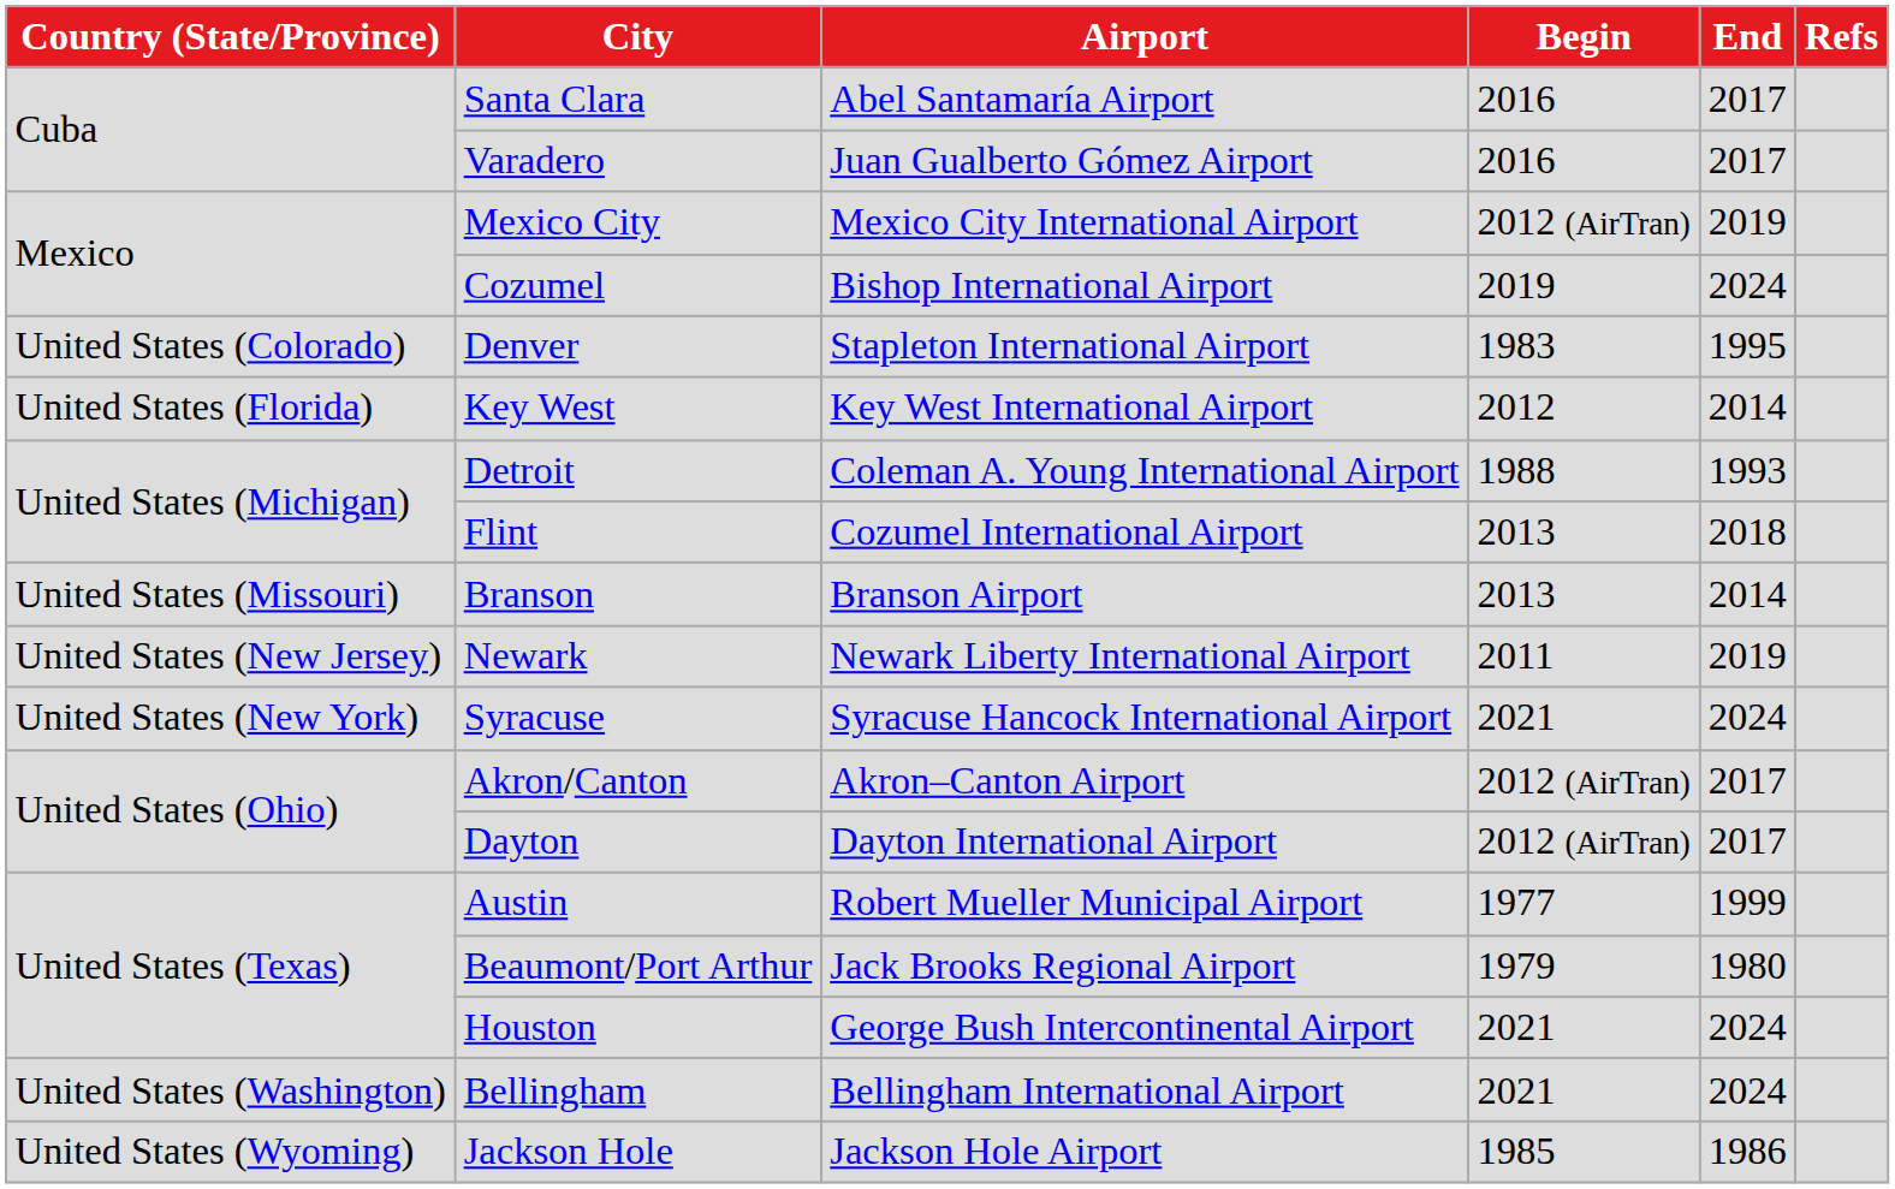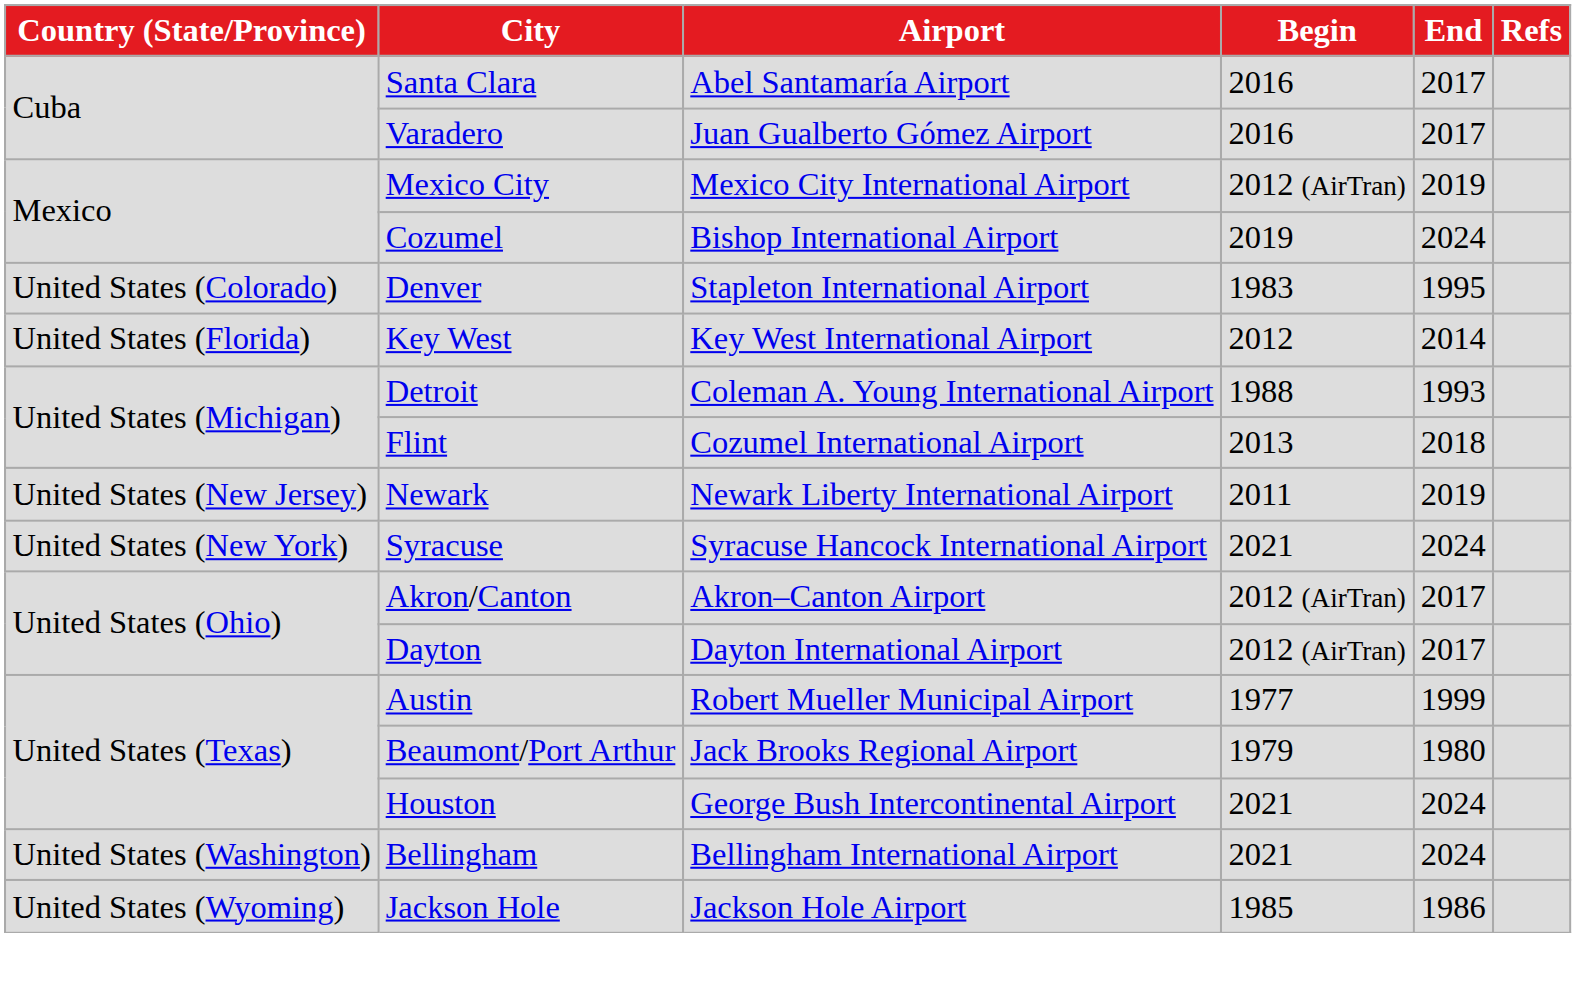 <table class="sortable wikitable">
 <tr>
 <th style="background:#E41B21; color:white;">Country (State/Province)</th>
 <th style="background:#E41B21; color:white;">City</th>
 <th style="background:#E41B21; color:white;">Airport</th>
 <th style="background:#E41B21; color:white;">Begin</th>
 <th style="background:#E41B21; color:white;">End</th>
 <th style="background:#E41B21; color:white;" class="unsortable">Refs</th>
 </tr>
 <tr style="background:#ddd;">
 <td rowspan="2">Cuba</td>
 <td><a href='#'>Santa Clara</a></td>
 <td><a href='#'>Abel Santamaría Airport</a></td>
 <td>2016</td>
 <td>2017</td>
 <td></td>
 </tr>
 <tr style="background:#ddd;">
 <td><a href='#'>Varadero</a></td>
 <td><a href='#'>Juan Gualberto Gómez Airport</a></td>
 <td>2016</td>
 <td>2017</td>
 <td></td>
 </tr>
 <tr style="background:#ddd;">
 <td rowspan="2">Mexico</td>
 <td><a href='#'>Mexico City</a></td>
 <td><a href='#'>Mexico City International Airport</a></td>
 <td>2012 <small>(AirTran)</small></td>
 <td>2019</td>
 <td></td>
 </tr>
 <tr style="background:#ddd;">
 <td><a href='#'>Cozumel</a></td>
 <td><a href='#'>Bishop International Airport</a></td>
 <td>2019</td>
 <td>2024</td>
 <td></td>
 </tr>
 <tr style="background:#ddd;">
 <td>United States (<a href='#'>Colorado</a>)</td>
 <td><a href='#'>Denver</a></td>
 <td><a href='#'>Stapleton International Airport</a></td>
 <td>1983</td>
 <td>1995</td>
 <td></td>
 </tr>
 <tr style="background:#ddd;">
 <td>United States (<a href='#'>Florida</a>)</td>
 <td><a href='#'>Key West</a></td>
 <td><a href='#'>Key West International Airport</a></td>
 <td>2012</td>
 <td>2014</td>
 <td></td>
 </tr>
 <tr style="background:#ddd;">
 <td rowspan="2">United States (<a href='#'>Michigan</a>)</td>
 <td><a href='#'>Detroit</a></td>
 <td><a href='#'>Coleman A. Young International Airport</a></td>
 <td>1988</td>
 <td>1993</td>
 <td></td>
 </tr>
 <tr style="background:#ddd;">
 <td><a href='#'>Flint</a></td>
 <td><a href='#'>Cozumel International Airport</a></td>
 <td>2013</td>
 <td>2018</td>
-<td></td>
-</tr>
-<tr style="background:#ddd;">
-<td>United States (<a href='#'>Missouri</a>)</td>
-<td><a href='#'>Branson</a></td>
-<td><a href='#'>Branson Airport</a></td>
-<td>2013</td>
-<td>2014</td>
 <td></td>
 </tr>
 <tr style="background:#ddd;">
 <td>United States (<a href='#'>New Jersey</a>)</td>
 <td><a href='#'>Newark</a></td>
 <td><a href='#'>Newark Liberty International Airport</a></td>
 <td>2011</td>
 <td>2019</td>
 <td></td>
 </tr>
 <tr style="background:#ddd;">
 <td>United States (<a href='#'>New York</a>)</td>
 <td><a href='#'>Syracuse</a></td>
 <td><a href='#'>Syracuse Hancock International Airport</a></td>
 <td>2021</td>
 <td>2024</td>
 <td></td>
 </tr>
 <tr style="background:#ddd;">
 <td rowspan="2">United States (<a href='#'>Ohio</a>)</td>
 <td><a href='#'>Akron</a>/<a href='#'>Canton</a></td>
 <td><a href='#'>Akron–Canton Airport</a></td>
 <td>2012 <small>(AirTran)</small></td>
 <td>2017</td>
 <td></td>
 </tr>
 <tr style="background:#ddd;">
 <td><a href='#'>Dayton</a></td>
 <td><a href='#'>Dayton International Airport</a></td>
 <td>2012 <small>(AirTran)</small></td>
 <td>2017</td>
 <td></td>
 </tr>
 <tr style="background:#ddd;">
 <td rowspan="3">United States (<a href='#'>Texas</a>)</td>
 <td><a href='#'>Austin</a></td>
 <td><a href='#'>Robert Mueller Municipal Airport</a></td>
 <td>1977</td>
 <td>1999</td>
 <td></td>
 </tr>
 <tr style="background:#ddd;">
 <td><a href='#'>Beaumont</a>/<a href='#'>Port Arthur</a></td>
 <td><a href='#'>Jack Brooks Regional Airport</a></td>
 <td>1979</td>
 <td>1980</td>
 <td></td>
 </tr>
 <tr style="background:#ddd;">
 <td><a href='#'>Houston</a></td>
 <td><a href='#'>George Bush Intercontinental Airport</a></td>
 <td>2021</td>
 <td>2024</td>
 <td></td>
 </tr>
 <tr style="background:#ddd;">
 <td>United States (<a href='#'>Washington</a>)</td>
 <td><a href='#'>Bellingham</a></td>
 <td><a href='#'>Bellingham International Airport</a></td>
 <td>2021</td>
 <td>2024</td>
 <td></td>
 </tr>
 <tr style="background:#ddd;">
 <td>United States (<a href='#'>Wyoming</a>)</td>
 <td><a href='#'>Jackson Hole</a></td>
 <td><a href='#'>Jackson Hole Airport</a></td>
 <td>1985</td>
 <td>1986</td>
 <td></td>
 </tr>
 </table>
